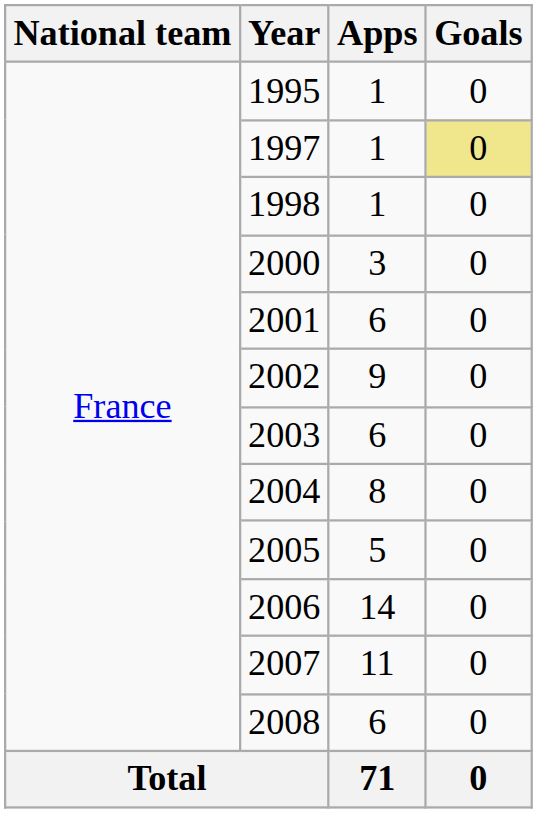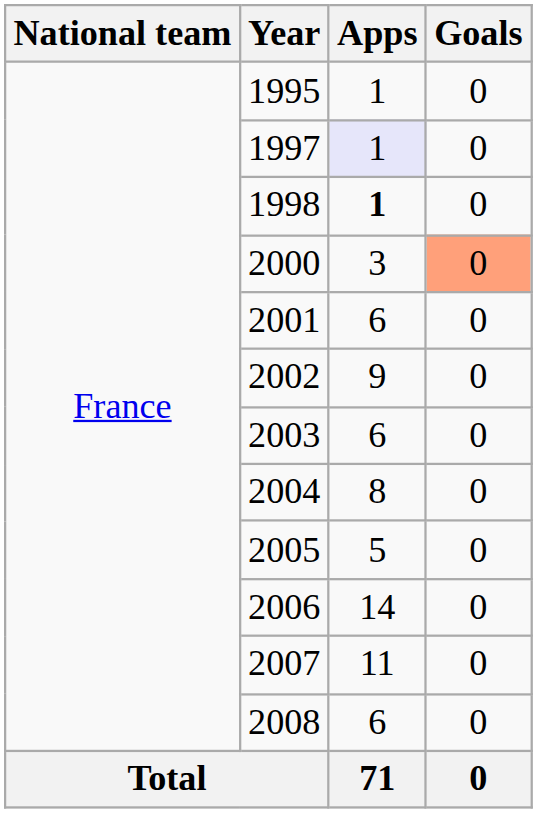 <table class="wikitable" style="text-align:center">
 <tr>
 <th>National team</th>
 <th>Year</th>
 <th>Apps</th>
 <th>Goals</th>
 </tr>
 <tr>
 <td rowspan="12"><a href='#'>France</a></td>
 <td>1995</td>
 <td>1</td>
 <td>0</td>
 </tr>
 <tr>
 <td>1997</td>
-<td>1</td>
-<td style="background: khaki;">0</td>
+<td style="background: lavender;">1</td>
+<td>0</td>
 </tr>
 <tr>
 <td>1998</td>
-<td>1</td>
+<td><strong>1</strong></td>
 <td>0</td>
 </tr>
 <tr>
 <td>2000</td>
 <td>3</td>
-<td>0</td>
+<td style="background: lightsalmon;">0</td>
 </tr>
 <tr>
 <td>2001</td>
 <td>6</td>
 <td>0</td>
 </tr>
 <tr>
 <td>2002</td>
 <td>9</td>
 <td>0</td>
 </tr>
 <tr>
 <td>2003</td>
 <td>6</td>
 <td>0</td>
 </tr>
 <tr>
 <td>2004</td>
 <td>8</td>
 <td>0</td>
 </tr>
 <tr>
 <td>2005</td>
 <td>5</td>
 <td>0</td>
 </tr>
 <tr>
 <td>2006</td>
 <td>14</td>
 <td>0</td>
 </tr>
 <tr>
 <td>2007</td>
 <td>11</td>
 <td>0</td>
 </tr>
 <tr>
 <td>2008</td>
 <td>6</td>
 <td>0</td>
 </tr>
 <tr>
 <th colspan="2">Total</th>
 <th>71</th>
 <th>0</th>
 </tr>
 </table>
